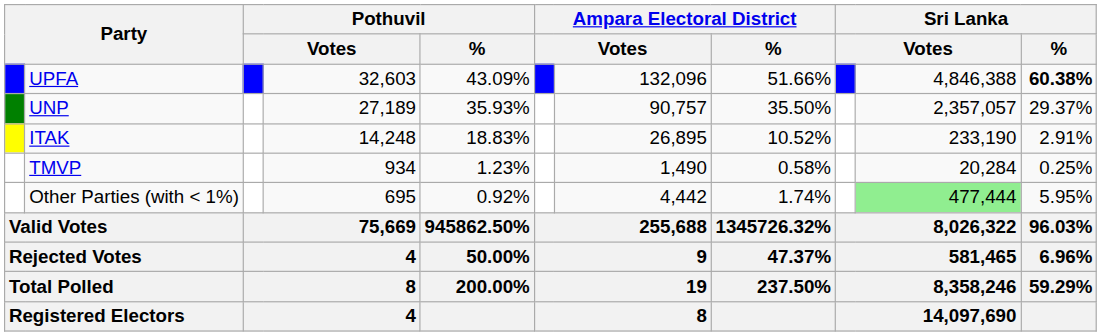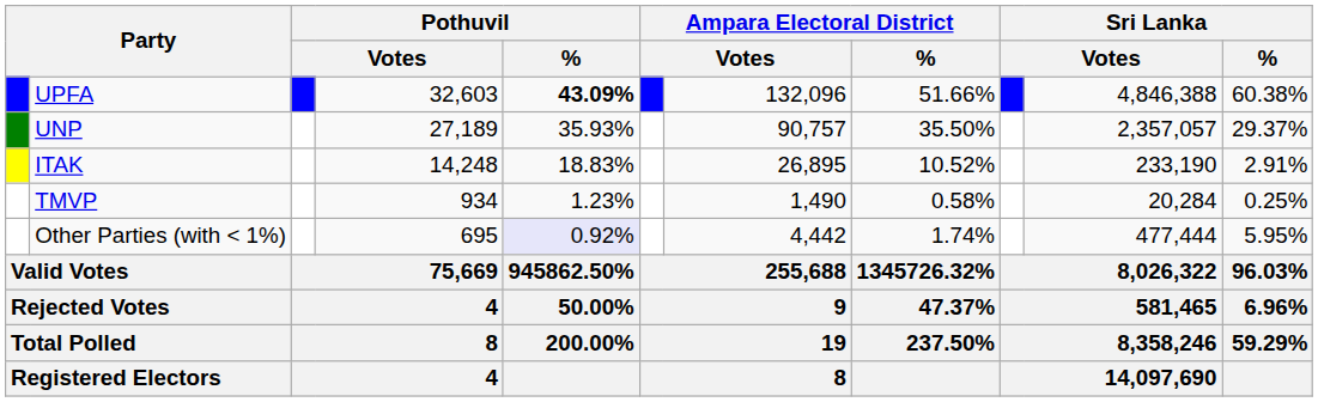 <table class="wikitable">
 <tr>
 <th colspan="2" width="144px"rowspan="2">Party</th>
 <th colspan="3" width="216px">Pothuvil</th>
 <th colspan="3" width="216px"><a href='#'>Ampara Electoral District</a></th>
 <th colspan="3" width="216px">Sri Lanka</th>
 </tr>
 <tr>
 <th colspan="2" width="144px">Votes</th>
 <th>%</th>
 <th colspan="2" width="144px">Votes</th>
 <th>%</th>
 <th colspan="2" width="144px">Votes</th>
 <th>%</th>
 </tr>
 <tr>
 <td style="background-color:blue;" width="10px"></td>
 <td style="text-align:left;"><a href='#'>UPFA</a></td>
 <td style="background-color:blue;" width="10px"></td>
 <td style="text-align:right;">32,603</td>
-<td style="text-align:right;">43.09%</td>
+<td style="text-align:right;"><strong>43.09%</strong></td>
 <td style="background-color:blue;" width="10px"></td>
 <td style="text-align:right;">132,096</td>
 <td style="text-align:right;">51.66%</td>
 <td style="background-color:blue;" width="10px"></td>
 <td style="text-align:right;">4,846,388</td>
-<td style="text-align:right;"><strong>60.38%</strong></td>
+<td style="text-align:right;">60.38%</td>
 </tr>
 <tr>
 <td style="background-color:green;" width="10px"></td>
 <td style="text-align:left;"><a href='#'>UNP</a></td>
 <td style="background-color:white;" width="10px"></td>
 <td style="text-align:right;">27,189</td>
 <td style="text-align:right;">35.93%</td>
 <td style="background-color:white;" width="10px"></td>
 <td style="text-align:right;">90,757</td>
 <td style="text-align:right;">35.50%</td>
 <td style="background-color:white;" width="10px"></td>
 <td style="text-align:right;">2,357,057</td>
 <td style="text-align:right;">29.37%</td>
 </tr>
 <tr>
 <td style="background-color:yellow;" width="10px"></td>
 <td style="text-align:left;"><a href='#'>ITAK</a></td>
 <td style="background-color:white;" width="10px"></td>
 <td style="text-align:right;">14,248</td>
 <td style="text-align:right;">18.83%</td>
 <td style="background-color:white;" width="10px"></td>
 <td style="text-align:right;">26,895</td>
 <td style="text-align:right;">10.52%</td>
 <td style="background-color:white;" width="10px"></td>
 <td style="text-align:right;">233,190</td>
 <td style="text-align:right;">2.91%</td>
 </tr>
 <tr>
 <td style="background-color:white;" width="10px"></td>
 <td style="text-align:left;"><a href='#'>TMVP</a></td>
 <td style="background-color:white;" width="10px"></td>
 <td style="text-align:right;">934</td>
 <td style="text-align:right;">1.23%</td>
 <td style="background-color:white;" width="10px"></td>
 <td style="text-align:right;">1,490</td>
 <td style="text-align:right;">0.58%</td>
 <td style="background-color:white;" width="10px"></td>
 <td style="text-align:right;">20,284</td>
 <td style="text-align:right;">0.25%</td>
 </tr>
 <tr>
 <td style="background-color:white;" width="10px"></td>
 <td style="text-align:left;">Other Parties (with < 1%)</td>
 <td style="background-color:white;" width="10px"></td>
 <td style="text-align:right;">695</td>
-<td style="text-align:right;">0.92%</td>
+<td style="background: lavender; text-align:right;">0.92%</td>
 <td style="background-color:white;" width="10px"></td>
 <td style="text-align:right;">4,442</td>
 <td style="text-align:right;">1.74%</td>
 <td style="background-color:white;" width="10px"></td>
-<td style="background: lightgreen; text-align:right;">477,444</td>
+<td style="text-align:right;">477,444</td>
 <td style="text-align:right;">5.95%</td>
 </tr>
 <tr>
 <th colspan="2" width="144px"style="text-align:left;">Valid Votes</th>
 <th style="text-align:right;"colspan="2" width="144px">75,669</th>
 <th style="text-align:right;">945862.50%</th>
 <th style="text-align:right;"colspan="2" width="144px">255,688</th>
 <th style="text-align:right;">1345726.32%</th>
 <th style="text-align:right;"colspan="2" width="144px">8,026,322</th>
 <th style="text-align:right;">96.03%</th>
 </tr>
 <tr>
 <th colspan="2" width="144px"style="text-align:left;">Rejected Votes</th>
 <th style="text-align:right;"colspan="2" width="144px">4</th>
 <th style="text-align:right;">50.00%</th>
 <th style="text-align:right;"colspan="2" width="144px">9</th>
 <th style="text-align:right;">47.37%</th>
 <th style="text-align:right;"colspan="2" width="144px">581,465</th>
 <th style="text-align:right;">6.96%</th>
 </tr>
 <tr>
 <th colspan="2" width="144px"style="text-align:left;">Total Polled</th>
 <th style="text-align:right;"colspan="2" width="144px">8</th>
 <th style="text-align:right;">200.00%</th>
 <th style="text-align:right;"colspan="2" width="144px">19</th>
 <th style="text-align:right;">237.50%</th>
 <th style="text-align:right;"colspan="2" width="144px">8,358,246</th>
 <th style="text-align:right;">59.29%</th>
 </tr>
 <tr>
 <th colspan="2" width="144px"style="text-align:left;">Registered Electors</th>
 <th style="text-align:right;"colspan="2" width="144px">4</th>
 <th></th>
 <th style="text-align:right;"colspan="2" width="144px">8</th>
 <th></th>
 <th style="text-align:right;"colspan="2" width="144px">14,097,690</th>
 <th></th>
 </tr>
 </table>
